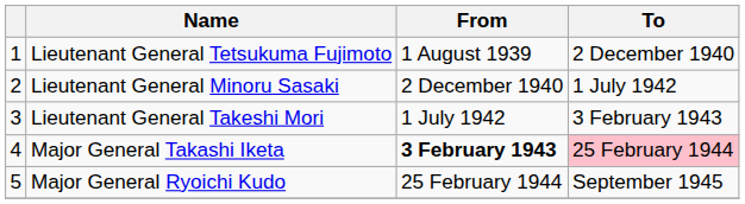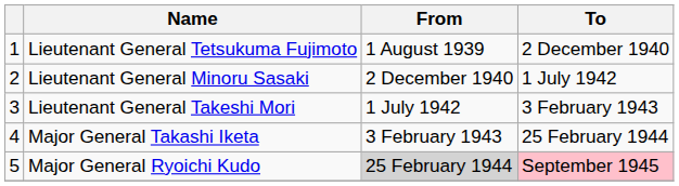 <table class=wikitable>
 <tr>
 <th></th>
 <th>Name</th>
 <th>From</th>
 <th>To</th>
 </tr>
 <tr>
 <td>1</td>
 <td>Lieutenant General <a href='#'>Tetsukuma Fujimoto</a></td>
 <td>1 August 1939</td>
 <td>2 December 1940</td>
 </tr>
 <tr>
 <td>2</td>
 <td>Lieutenant General <a href='#'>Minoru Sasaki</a></td>
 <td>2 December 1940</td>
 <td>1 July 1942</td>
 </tr>
 <tr>
 <td>3</td>
 <td>Lieutenant General <a href='#'>Takeshi Mori</a></td>
 <td>1 July 1942</td>
 <td>3 February 1943</td>
 </tr>
 <tr>
 <td>4</td>
 <td>Major General <a href='#'>Takashi Iketa</a></td>
-<td><strong>3 February 1943</strong></td>
-<td style="background: pink;">25 February 1944</td>
+<td>3 February 1943</td>
+<td>25 February 1944</td>
 </tr>
 <tr>
 <td>5</td>
 <td>Major General <a href='#'>Ryoichi Kudo</a></td>
-<td>25 February 1944</td>
-<td>September 1945</td>
+<td style="background: lightgrey;">25 February 1944</td>
+<td style="background: pink;">September 1945</td>
 </tr>
 <tr>
 </tr>
 </table>
